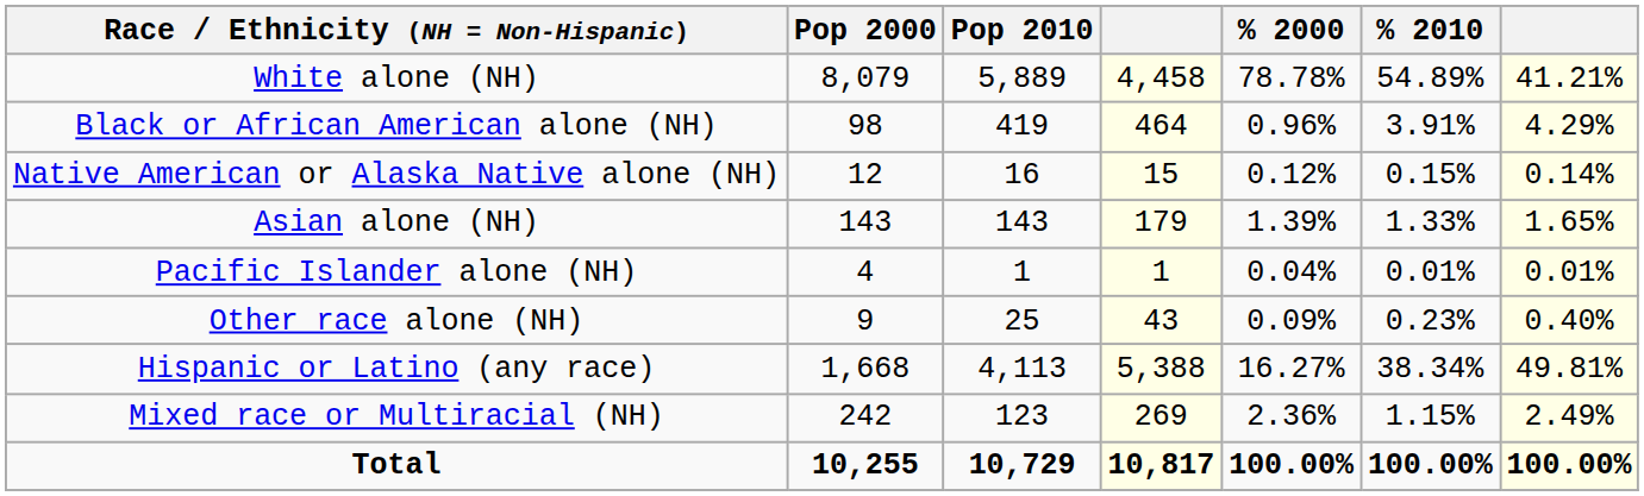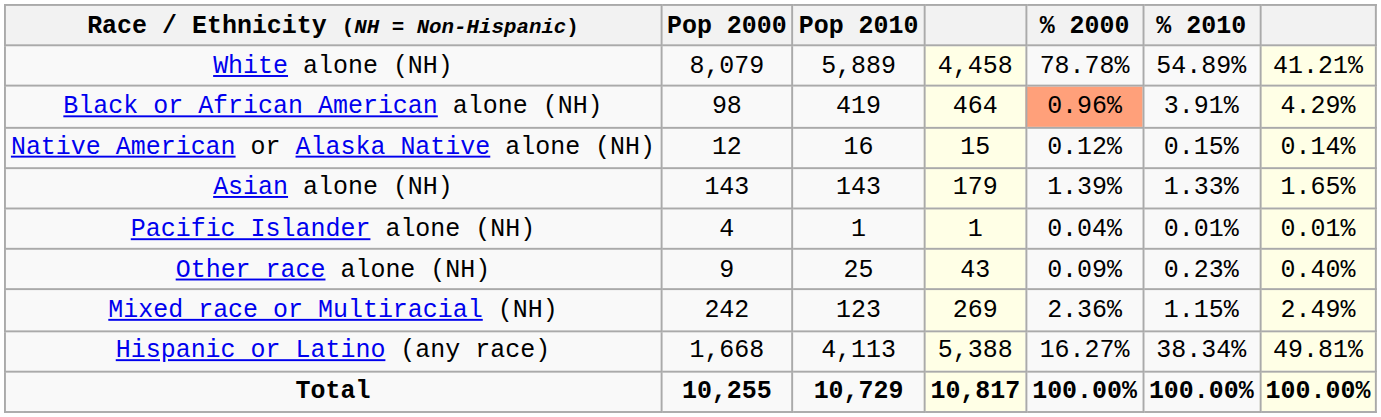 <table class="wikitable" style="text-align:center;">
 <tr>
 <th>Race / Ethnicity <small>(<em>NH = Non-Hispanic</em>)</small></th>
 <th>Pop 2000</th>
 <th>Pop 2010</th>
 <th></th>
 <th>% 2000</th>
 <th>% 2010</th>
 <th></th>
 </tr>
 <tr>
 <td><a href='#'>White</a> alone (NH)</td>
 <td>8,079</td>
 <td>5,889</td>
 <td style='background: #ffffe6;'>4,458</td>
 <td>78.78%</td>
 <td>54.89%</td>
 <td style='background: #ffffe6;'>41.21%</td>
 </tr>
 <tr>
 <td><a href='#'>Black or African American</a> alone (NH)</td>
 <td>98</td>
 <td>419</td>
 <td style='background: #ffffe6;'>464</td>
-<td>0.96%</td>
+<td style="background: lightsalmon;">0.96%</td>
 <td>3.91%</td>
 <td style='background: #ffffe6;'>4.29%</td>
 </tr>
 <tr>
 <td><a href='#'>Native American</a> or <a href='#'>Alaska Native</a> alone (NH)</td>
 <td>12</td>
 <td>16</td>
 <td style='background: #ffffe6;'>15</td>
 <td>0.12%</td>
 <td>0.15%</td>
 <td style='background: #ffffe6;'>0.14%</td>
 </tr>
 <tr>
 <td><a href='#'>Asian</a> alone (NH)</td>
 <td>143</td>
 <td>143</td>
 <td style='background: #ffffe6;'>179</td>
 <td>1.39%</td>
 <td>1.33%</td>
 <td style='background: #ffffe6;'>1.65%</td>
 </tr>
 <tr>
 <td><a href='#'>Pacific Islander</a> alone (NH)</td>
 <td>4</td>
 <td>1</td>
 <td style='background: #ffffe6;'>1</td>
 <td>0.04%</td>
 <td>0.01%</td>
 <td style='background: #ffffe6;'>0.01%</td>
 </tr>
 <tr>
 <td><a href='#'>Other race</a> alone (NH)</td>
 <td>9</td>
 <td>25</td>
 <td style='background: #ffffe6;'>43</td>
 <td>0.09%</td>
 <td>0.23%</td>
 <td style='background: #ffffe6;'>0.40%</td>
 </tr>
 <tr>
+<td><a href='#'>Mixed race or Multiracial</a> (NH)</td>
+<td>242</td>
+<td>123</td>
+<td style='background: #ffffe6;'>269</td>
+<td>2.36%</td>
+<td>1.15%</td>
+<td style='background: #ffffe6;'>2.49%</td>
+</tr>
+<tr>
 <td><a href='#'>Hispanic or Latino</a> (any race)</td>
 <td>1,668</td>
 <td>4,113</td>
 <td style='background: #ffffe6;'>5,388</td>
 <td>16.27%</td>
 <td>38.34%</td>
 <td style='background: #ffffe6;'>49.81%</td>
-</tr>
-<tr>
-<td><a href='#'>Mixed race or Multiracial</a> (NH)</td>
-<td>242</td>
-<td>123</td>
-<td style='background: #ffffe6;'>269</td>
-<td>2.36%</td>
-<td>1.15%</td>
-<td style='background: #ffffe6;'>2.49%</td>
 </tr>
 <tr>
 <td><strong>Total</strong></td>
 <td><strong>10,255</strong></td>
 <td><strong>10,729</strong></td>
 <td style='background: #ffffe6;'><strong>10,817</strong></td>
 <td><strong>100.00%</strong></td>
 <td><strong>100.00%</strong></td>
 <td style='background: #ffffe6;'><strong>100.00%</strong></td>
 </tr>
 </table>
